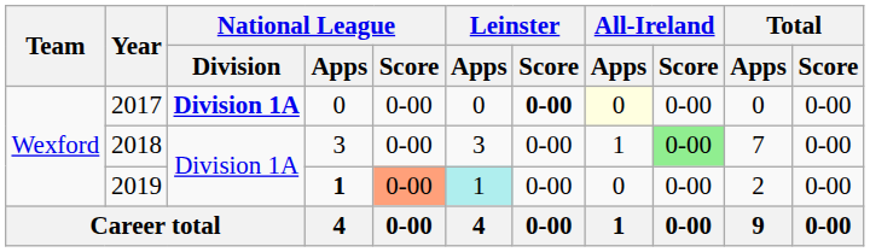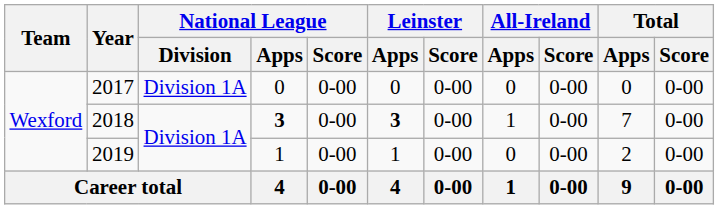 <table class="wikitable" style="text-align:center">
 <tr>
 <th rowspan="2">Team</th>
 <th rowspan="2">Year</th>
 <th colspan="3"><a href='#'>National League</a></th>
 <th colspan="2"><a href='#'>Leinster</a></th>
 <th colspan="2"><a href='#'>All-Ireland</a></th>
 <th colspan="2">Total</th>
 </tr>
 <tr>
 <th>Division</th>
 <th>Apps</th>
 <th>Score</th>
 <th>Apps</th>
 <th>Score</th>
 <th>Apps</th>
 <th>Score</th>
 <th>Apps</th>
 <th>Score</th>
 </tr>
 <tr>
 <td rowspan="3"><a href='#'>Wexford</a></td>
 <td>2017</td>
-<td rowspan="1"><strong><a href='#'>Division 1A</a></strong></td>
+<td rowspan="1"><a href='#'>Division 1A</a></td>
 <td>0</td>
 <td>0-00</td>
 <td>0</td>
-<td><strong>0-00</strong></td>
-<td style="background: lightyellow;">0</td>
+<td>0-00</td>
+<td>0</td>
 <td>0-00</td>
 <td>0</td>
 <td>0-00</td>
 </tr>
 <tr>
 <td>2018</td>
 <td rowspan="2"><a href='#'>Division 1A</a></td>
-<td>3</td>
+<td><strong>3</strong></td>
 <td>0-00</td>
-<td>3</td>
+<td><strong>3</strong></td>
 <td>0-00</td>
 <td>1</td>
-<td style="background: lightgreen;">0-00</td>
+<td>0-00</td>
 <td>7</td>
 <td>0-00</td>
 </tr>
 <tr>
 <td>2019</td>
-<td><strong>1</strong></td>
-<td style="background: lightsalmon;">0-00</td>
-<td style="background: paleturquoise;">1</td>
+<td>1</td>
+<td>0-00</td>
+<td>1</td>
 <td>0-00</td>
 <td>0</td>
 <td>0-00</td>
 <td>2</td>
 <td>0-00</td>
 </tr>
 <tr>
 <th colspan="3">Career total</th>
 <th>4</th>
 <th>0-00</th>
 <th>4</th>
 <th>0-00</th>
 <th>1</th>
 <th>0-00</th>
 <th>9</th>
 <th>0-00</th>
 </tr>
 </table>
